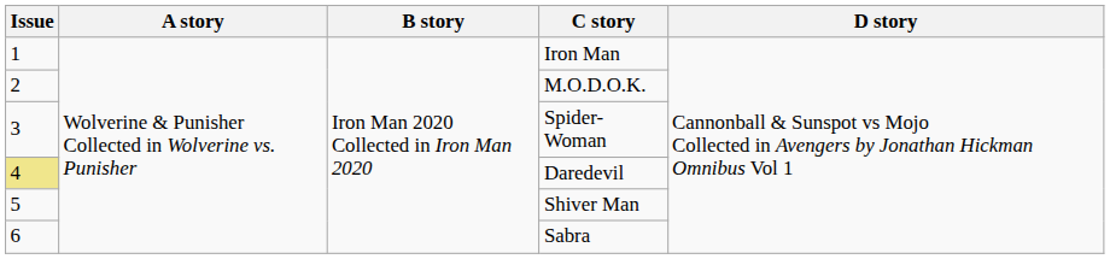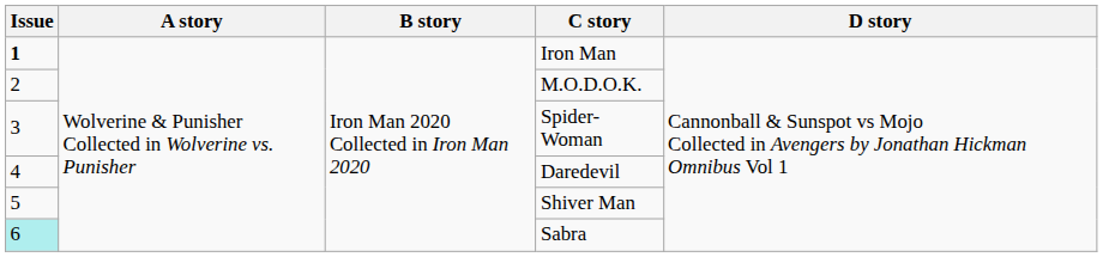 <table class="wikitable">
 <tr>
 <th>Issue</th>
 <th>A story</th>
 <th>B story</th>
 <th>C story</th>
 <th>D story</th>
 </tr>
 <tr>
-<td>1</td>
+<td><strong>1</strong></td>
 <td rowspan="6">Wolverine & Punisher<br>Collected in <em>Wolverine vs. Punisher</em></td>
 <td rowspan="6">Iron Man 2020<br>Collected in <em>Iron Man 2020</em></td>
 <td>Iron Man</td>
 <td rowspan="6">Cannonball & Sunspot vs Mojo<br>Collected in <em>Avengers by Jonathan Hickman Omnibus</em> Vol 1</td>
 </tr>
 <tr>
 <td>2</td>
 <td>M.O.D.O.K.</td>
 </tr>
 <tr>
 <td>3</td>
 <td>Spider-Woman</td>
 </tr>
 <tr>
-<td style="background: khaki;">4</td>
+<td>4</td>
 <td>Daredevil</td>
 </tr>
 <tr>
 <td>5</td>
 <td>Shiver Man</td>
 </tr>
 <tr>
-<td>6</td>
+<td style="background: paleturquoise;">6</td>
 <td>Sabra</td>
 </tr>
 </table>
